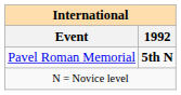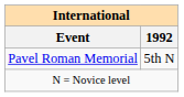 <table class="wikitable" style="text-align:center">
 <tr>
 <th style="background-color: #ffdead; " colspan=2 align=center>International</th>
 </tr>
 <tr>
 <th>Event</th>
 <th>1992</th>
 </tr>
 <tr>
 <td align=left><a href='#'>Pavel Roman Memorial</a></td>
-<td><strong>5th N</strong></td>
+<td>5th N</td>
 </tr>
 <tr>
 <td colspan=2 align=center><small> N = Novice level </small></td>
 </tr>
 </table>
